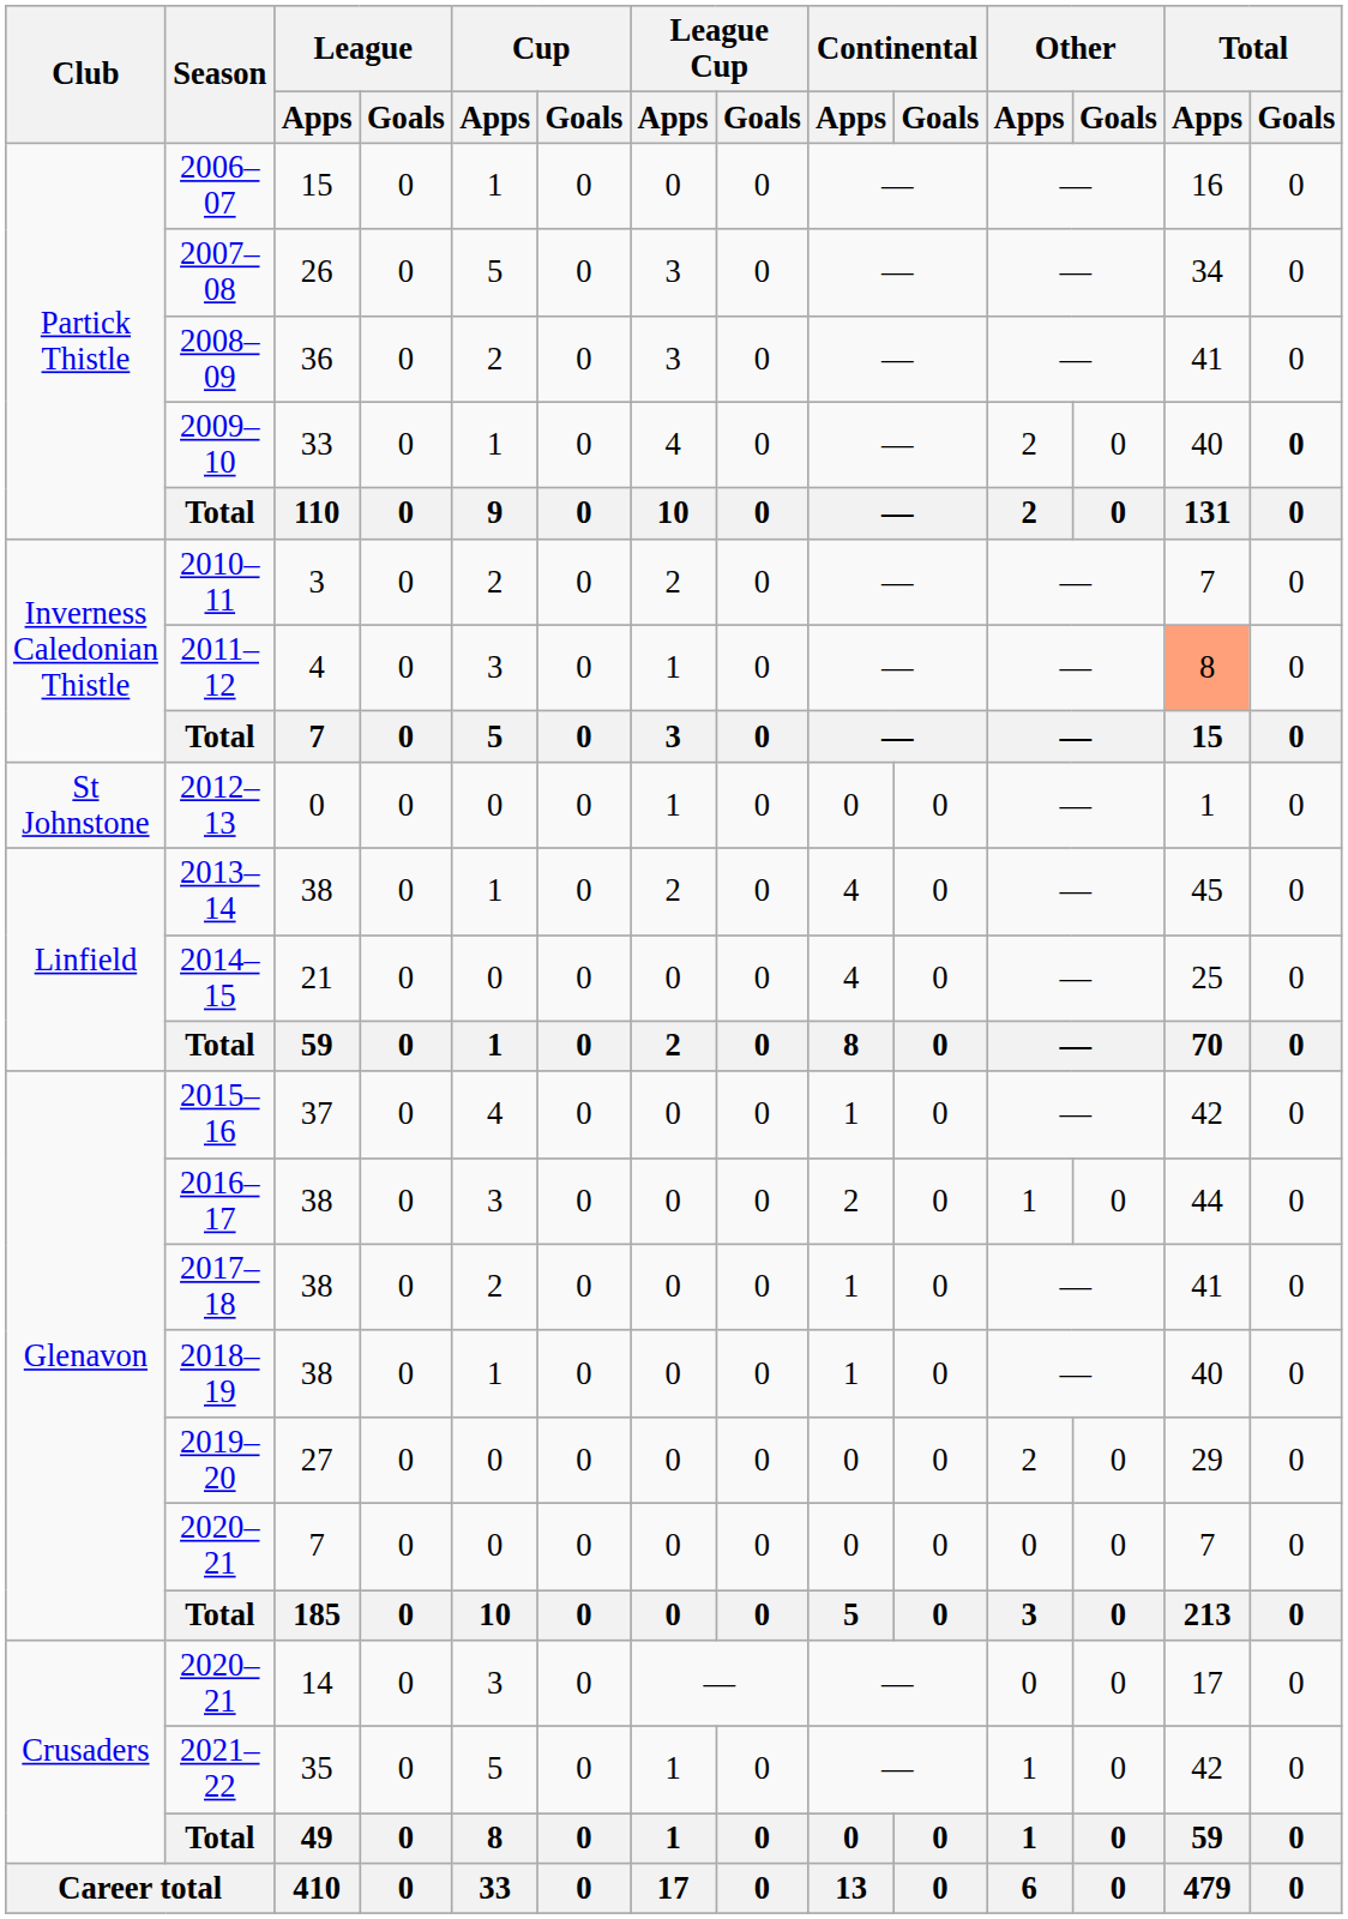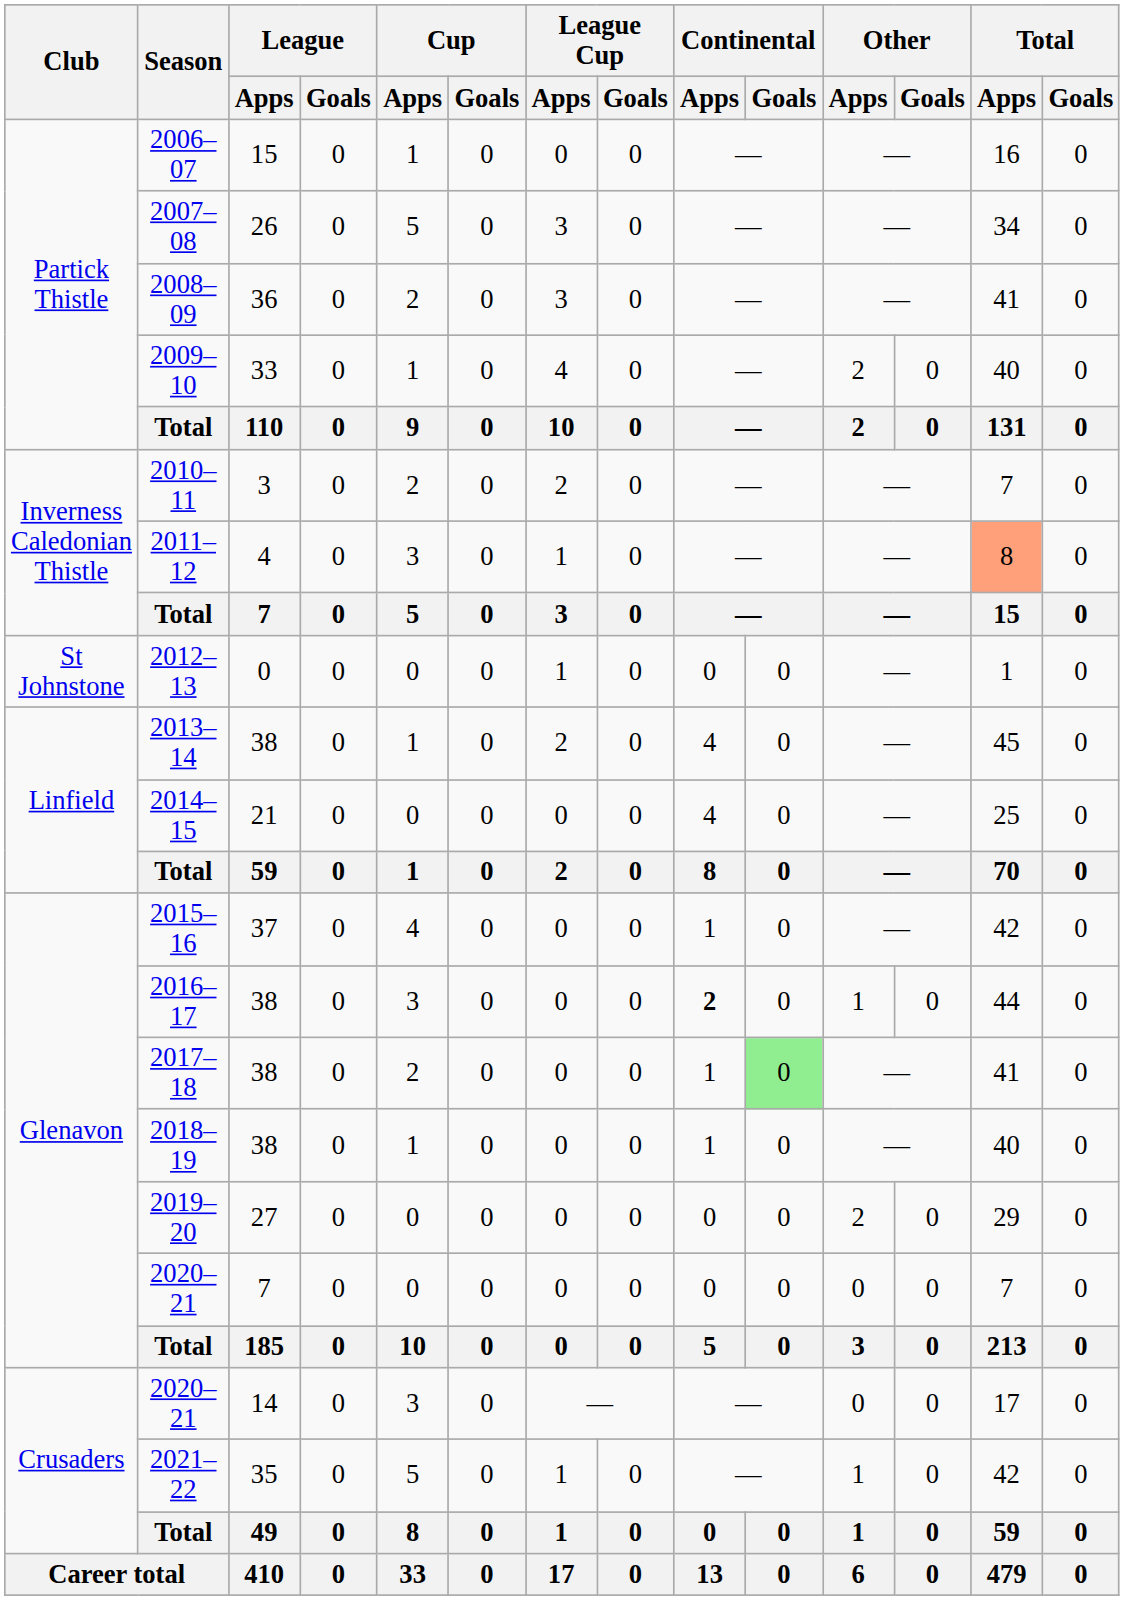 <table class="wikitable" style="text-align:center">
 <tr>
 <th rowspan="2">Club</th>
 <th rowspan="2">Season</th>
 <th colspan="2">League</th>
 <th colspan="2">Cup</th>
 <th colspan="2">League Cup</th>
 <th colspan="2">Continental</th>
 <th colspan="2">Other</th>
 <th colspan="2">Total</th>
 </tr>
 <tr>
 <th>Apps</th>
 <th>Goals</th>
 <th>Apps</th>
 <th>Goals</th>
 <th>Apps</th>
 <th>Goals</th>
 <th>Apps</th>
 <th>Goals</th>
 <th>Apps</th>
 <th>Goals</th>
 <th>Apps</th>
 <th>Goals</th>
 </tr>
 <tr>
 <td rowspan="5"><a href='#'>Partick Thistle</a></td>
 <td><a href='#'>2006–07</a></td>
 <td>15</td>
 <td>0</td>
 <td>1</td>
 <td>0</td>
 <td>0</td>
 <td>0</td>
 <td colspan="2">—</td>
 <td colspan="2">—</td>
 <td>16</td>
 <td>0</td>
 </tr>
 <tr>
 <td><a href='#'>2007–08</a></td>
 <td>26</td>
 <td>0</td>
 <td>5</td>
 <td>0</td>
 <td>3</td>
 <td>0</td>
 <td colspan="2">—</td>
 <td colspan="2">—</td>
 <td>34</td>
 <td>0</td>
 </tr>
 <tr>
 <td><a href='#'>2008–09</a></td>
 <td>36</td>
 <td>0</td>
 <td>2</td>
 <td>0</td>
 <td>3</td>
 <td>0</td>
 <td colspan="2">—</td>
 <td colspan="2">—</td>
 <td>41</td>
 <td>0</td>
 </tr>
 <tr>
 <td><a href='#'>2009–10</a></td>
 <td>33</td>
 <td>0</td>
 <td>1</td>
 <td>0</td>
 <td>4</td>
 <td>0</td>
 <td colspan="2">—</td>
 <td>2</td>
 <td>0</td>
 <td>40</td>
-<td><strong>0</strong></td>
+<td>0</td>
 </tr>
 <tr>
 <th colspan="1">Total</th>
 <th>110</th>
 <th>0</th>
 <th>9</th>
 <th>0</th>
 <th>10</th>
 <th>0</th>
 <th colspan="2">—</th>
 <th>2</th>
 <th>0</th>
 <th>131</th>
 <th>0</th>
 </tr>
 <tr>
 <td rowspan="3"><a href='#'>Inverness Caledonian Thistle</a></td>
 <td><a href='#'>2010–11</a></td>
 <td>3</td>
 <td>0</td>
 <td>2</td>
 <td>0</td>
 <td>2</td>
 <td>0</td>
 <td colspan="2">—</td>
 <td colspan="2">—</td>
 <td>7</td>
 <td>0</td>
 </tr>
 <tr>
 <td><a href='#'>2011–12</a></td>
 <td>4</td>
 <td>0</td>
 <td>3</td>
 <td>0</td>
 <td>1</td>
 <td>0</td>
 <td colspan="2">—</td>
 <td colspan="2">—</td>
 <td style="background: lightsalmon;">8</td>
 <td>0</td>
 </tr>
 <tr>
 <th colspan="1">Total</th>
 <th>7</th>
 <th>0</th>
 <th>5</th>
 <th>0</th>
 <th>3</th>
 <th>0</th>
 <th colspan="2">—</th>
 <th colspan="2">—</th>
 <th>15</th>
 <th>0</th>
 </tr>
 <tr>
 <td><a href='#'>St Johnstone</a></td>
 <td><a href='#'>2012–13</a></td>
 <td>0</td>
 <td>0</td>
 <td>0</td>
 <td>0</td>
 <td>1</td>
 <td>0</td>
 <td>0</td>
 <td>0</td>
 <td colspan="2">—</td>
 <td>1</td>
 <td>0</td>
 </tr>
 <tr>
 <td rowspan="3"><a href='#'>Linfield</a></td>
 <td><a href='#'>2013–14</a></td>
 <td>38</td>
 <td>0</td>
 <td>1</td>
 <td>0</td>
 <td>2</td>
 <td>0</td>
 <td>4</td>
 <td>0</td>
 <td colspan="2">—</td>
 <td>45</td>
 <td>0</td>
 </tr>
 <tr>
 <td><a href='#'>2014–15</a></td>
 <td>21</td>
 <td>0</td>
 <td>0</td>
 <td>0</td>
 <td>0</td>
 <td>0</td>
 <td>4</td>
 <td>0</td>
 <td colspan="2">—</td>
 <td>25</td>
 <td>0</td>
 </tr>
 <tr>
 <th colspan="1">Total</th>
 <th>59</th>
 <th>0</th>
 <th>1</th>
 <th>0</th>
 <th>2</th>
 <th>0</th>
 <th>8</th>
 <th>0</th>
 <th colspan="2">—</th>
 <th>70</th>
 <th>0</th>
 </tr>
 <tr>
 <td rowspan="7"><a href='#'>Glenavon</a></td>
 <td><a href='#'>2015–16</a></td>
 <td>37</td>
 <td>0</td>
 <td>4</td>
 <td>0</td>
 <td>0</td>
 <td>0</td>
 <td>1</td>
 <td>0</td>
 <td colspan="2">—</td>
 <td>42</td>
 <td>0</td>
 </tr>
 <tr>
 <td><a href='#'>2016–17</a></td>
 <td>38</td>
 <td>0</td>
 <td>3</td>
 <td>0</td>
 <td>0</td>
 <td>0</td>
-<td>2</td>
+<td><strong>2</strong></td>
 <td>0</td>
 <td>1</td>
 <td>0</td>
 <td>44</td>
 <td>0</td>
 </tr>
 <tr>
 <td><a href='#'>2017–18</a></td>
 <td>38</td>
 <td>0</td>
 <td>2</td>
 <td>0</td>
 <td>0</td>
 <td>0</td>
 <td>1</td>
-<td>0</td>
+<td style="background: lightgreen;">0</td>
 <td colspan="2">—</td>
 <td>41</td>
 <td>0</td>
 </tr>
 <tr>
 <td><a href='#'>2018–19</a></td>
 <td>38</td>
 <td>0</td>
 <td>1</td>
 <td>0</td>
 <td>0</td>
 <td>0</td>
 <td>1</td>
 <td>0</td>
 <td colspan="2">—</td>
 <td>40</td>
 <td>0</td>
 </tr>
 <tr>
 <td><a href='#'>2019–20</a></td>
 <td>27</td>
 <td>0</td>
 <td>0</td>
 <td>0</td>
 <td>0</td>
 <td>0</td>
 <td>0</td>
 <td>0</td>
 <td>2</td>
 <td>0</td>
 <td>29</td>
 <td>0</td>
 </tr>
 <tr>
 <td><a href='#'>2020–21</a></td>
 <td>7</td>
 <td>0</td>
 <td>0</td>
 <td>0</td>
 <td>0</td>
 <td>0</td>
 <td>0</td>
 <td>0</td>
 <td>0</td>
 <td>0</td>
 <td>7</td>
 <td>0</td>
 </tr>
 <tr>
 <th colspan="1">Total</th>
 <th>185</th>
 <th>0</th>
 <th>10</th>
 <th>0</th>
 <th>0</th>
 <th>0</th>
 <th>5</th>
 <th>0</th>
 <th>3</th>
 <th>0</th>
 <th>213</th>
 <th>0</th>
 </tr>
 <tr>
 <td rowspan="3"><a href='#'>Crusaders</a></td>
 <td><a href='#'>2020–21</a></td>
 <td>14</td>
 <td>0</td>
 <td>3</td>
 <td>0</td>
 <td colspan="2">—</td>
 <td colspan="2">—</td>
 <td>0</td>
 <td>0</td>
 <td>17</td>
 <td>0</td>
 </tr>
 <tr>
 <td><a href='#'>2021–22</a></td>
 <td>35</td>
 <td>0</td>
 <td>5</td>
 <td>0</td>
 <td>1</td>
 <td>0</td>
 <td colspan="2">—</td>
 <td>1</td>
 <td>0</td>
 <td>42</td>
 <td>0</td>
 </tr>
 <tr>
 <th colspan="1">Total</th>
 <th>49</th>
 <th>0</th>
 <th>8</th>
 <th>0</th>
 <th>1</th>
 <th>0</th>
 <th>0</th>
 <th>0</th>
 <th>1</th>
 <th>0</th>
 <th>59</th>
 <th>0</th>
 </tr>
 <tr>
 <th colspan="2">Career total</th>
 <th>410</th>
 <th>0</th>
 <th>33</th>
 <th>0</th>
 <th>17</th>
 <th>0</th>
 <th>13</th>
 <th>0</th>
 <th>6</th>
 <th>0</th>
 <th>479</th>
 <th>0</th>
 </tr>
 </table>
